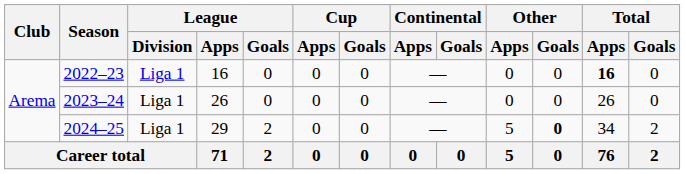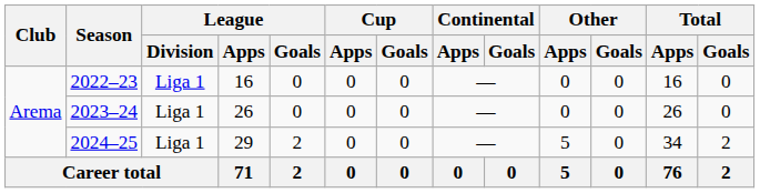 <table class="wikitable" style="text-align:center">
 <tr>
 <th rowspan="2">Club</th>
 <th rowspan="2">Season</th>
 <th colspan="3">League</th>
 <th colspan="2">Cup</th>
 <th colspan="2">Continental</th>
 <th colspan="2">Other</th>
 <th colspan="2">Total</th>
 </tr>
 <tr>
 <th>Division</th>
 <th>Apps</th>
 <th>Goals</th>
 <th>Apps</th>
 <th>Goals</th>
 <th>Apps</th>
 <th>Goals</th>
 <th>Apps</th>
 <th>Goals</th>
 <th>Apps</th>
 <th>Goals</th>
 </tr>
 <tr>
 <td rowspan="3"><a href='#'>Arema</a></td>
 <td><a href='#'>2022–23</a></td>
 <td><a href='#'>Liga 1</a></td>
 <td>16</td>
 <td>0</td>
 <td>0</td>
 <td>0</td>
 <td colspan="2">—</td>
 <td>0</td>
 <td>0</td>
-<td><strong>16</strong></td>
+<td>16</td>
 <td>0</td>
 </tr>
 <tr>
 <td><a href='#'>2023–24</a></td>
 <td>Liga 1</td>
 <td>26</td>
 <td>0</td>
 <td>0</td>
 <td>0</td>
 <td colspan="2">—</td>
 <td>0</td>
 <td>0</td>
 <td>26</td>
 <td>0</td>
 </tr>
 <tr>
 <td><a href='#'>2024–25</a></td>
 <td>Liga 1</td>
 <td>29</td>
 <td>2</td>
 <td>0</td>
 <td>0</td>
 <td colspan="2">—</td>
 <td>5</td>
-<td><strong>0</strong></td>
+<td>0</td>
 <td>34</td>
 <td>2</td>
 </tr>
 <tr>
 <th colspan="3">Career total</th>
 <th>71</th>
 <th>2</th>
 <th>0</th>
 <th>0</th>
 <th>0</th>
 <th>0</th>
 <th>5</th>
 <th>0</th>
 <th>76</th>
 <th>2</th>
 </tr>
 </table>
